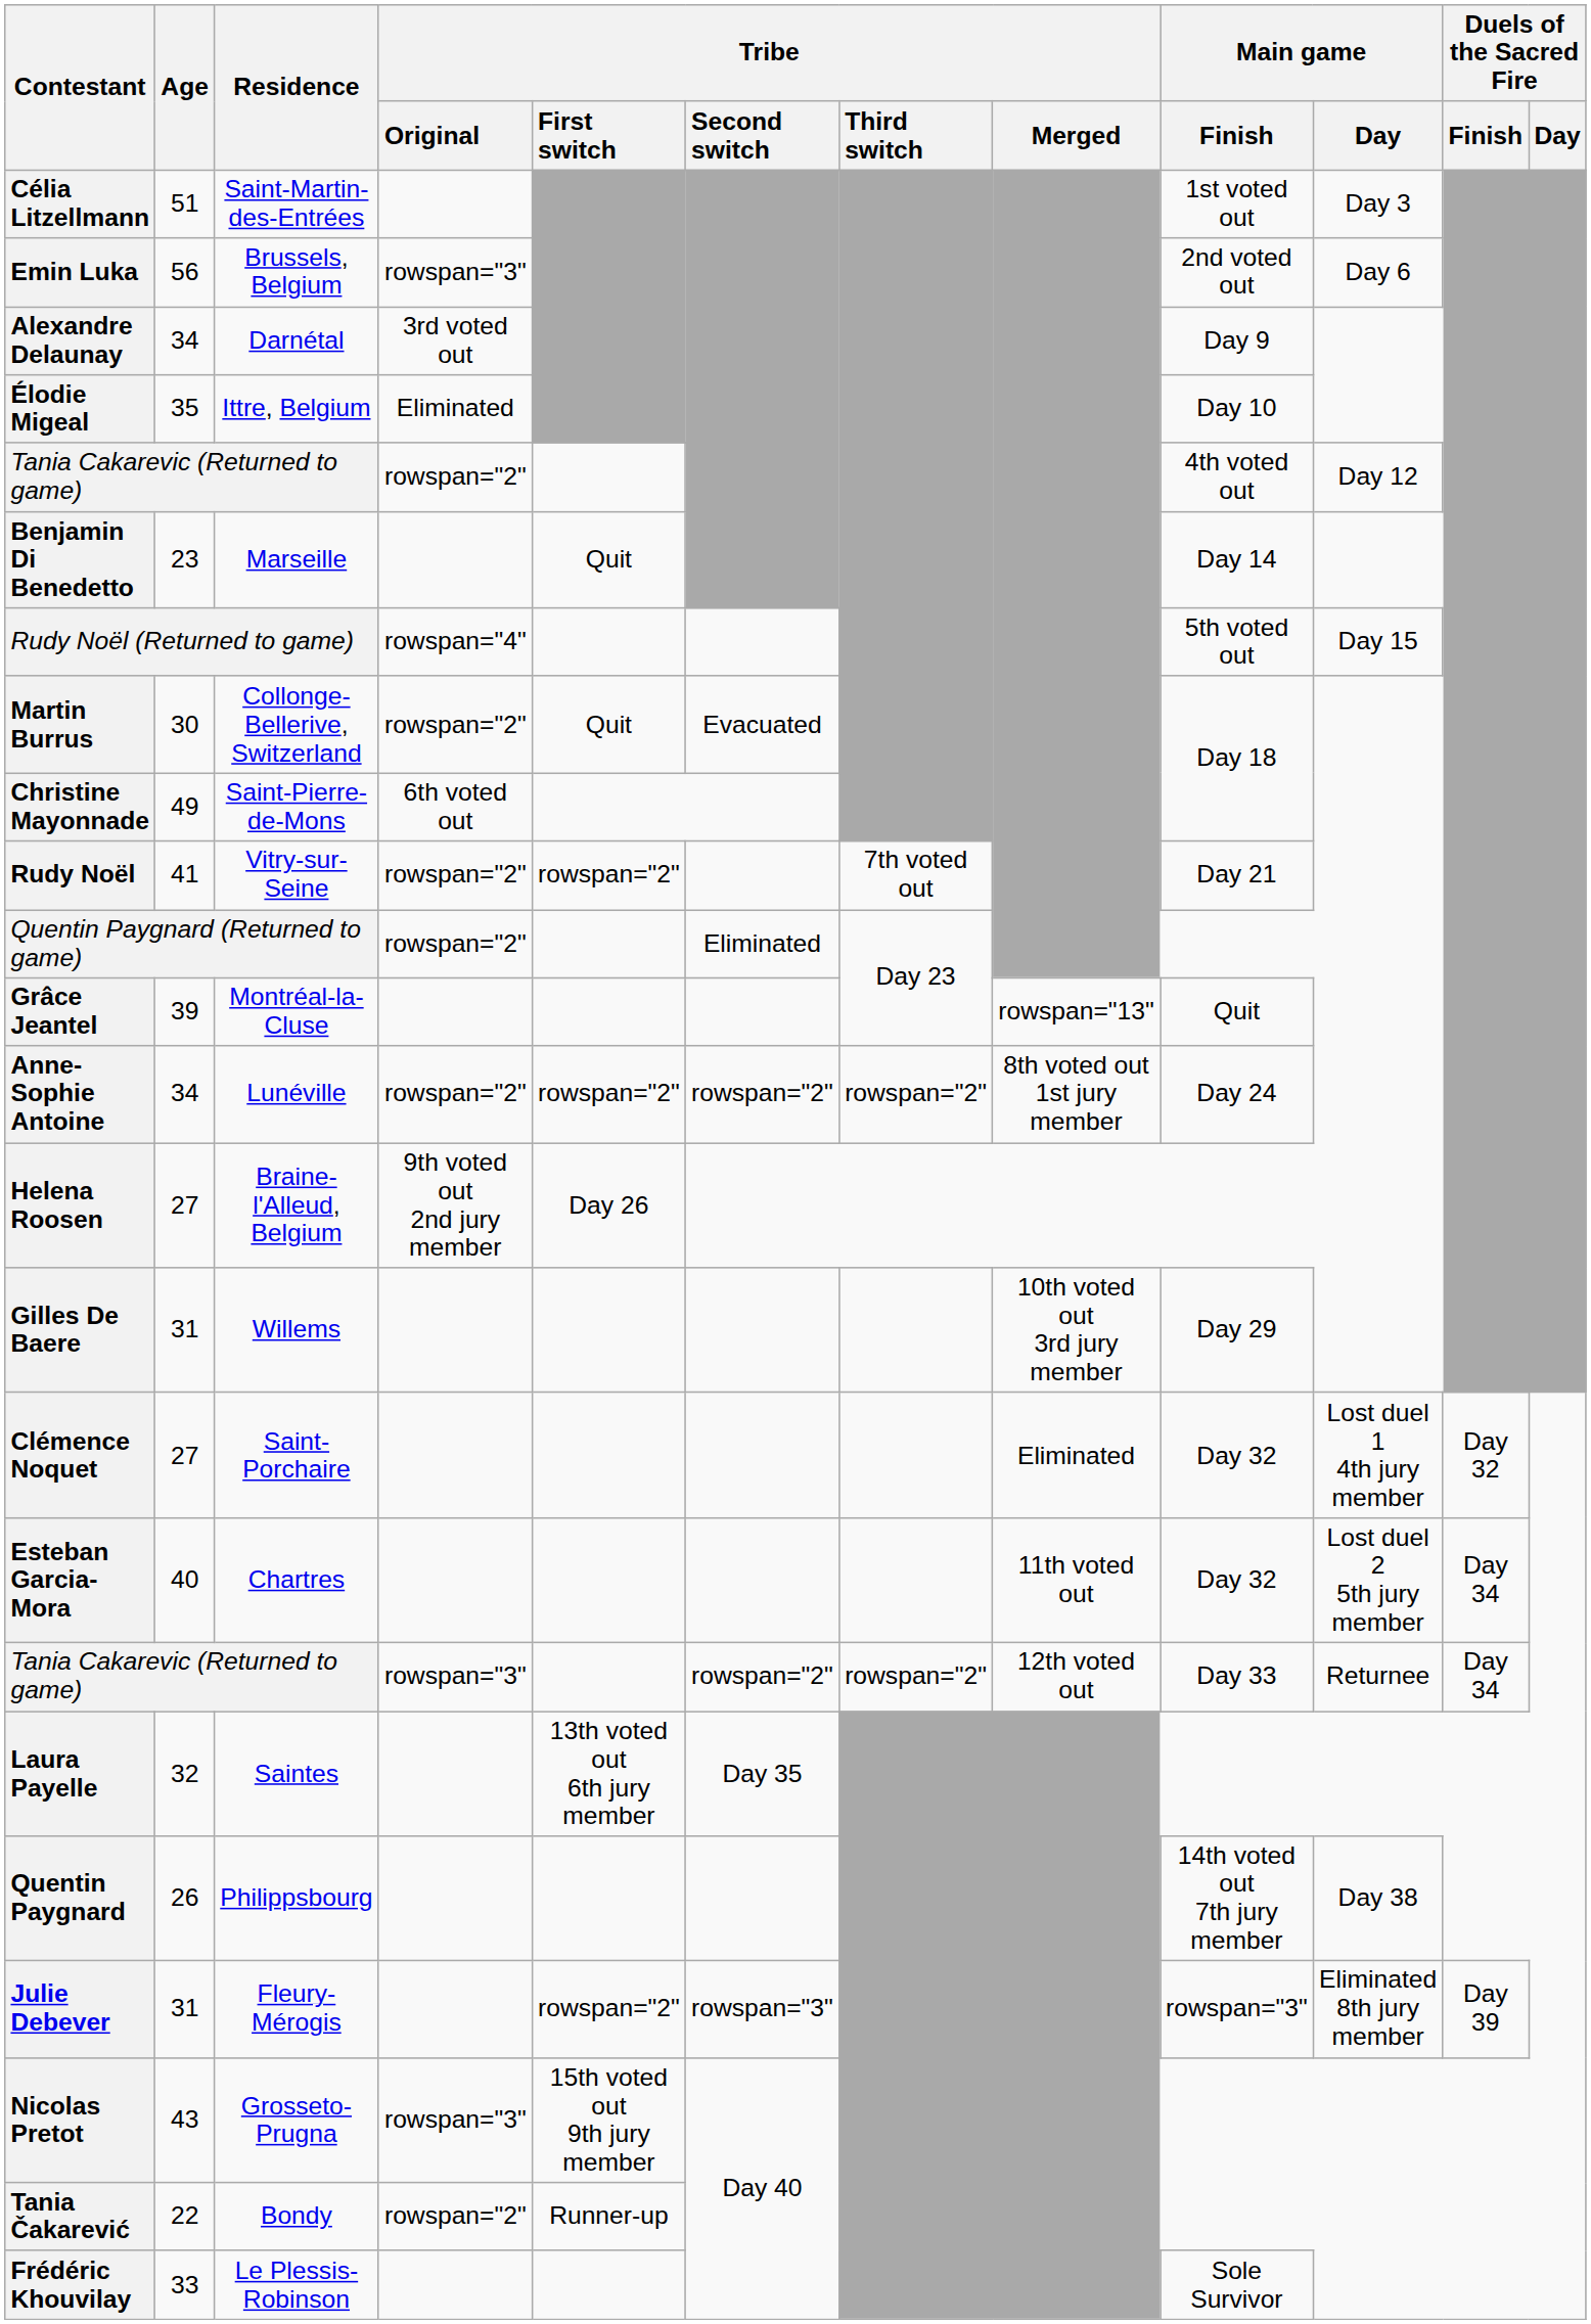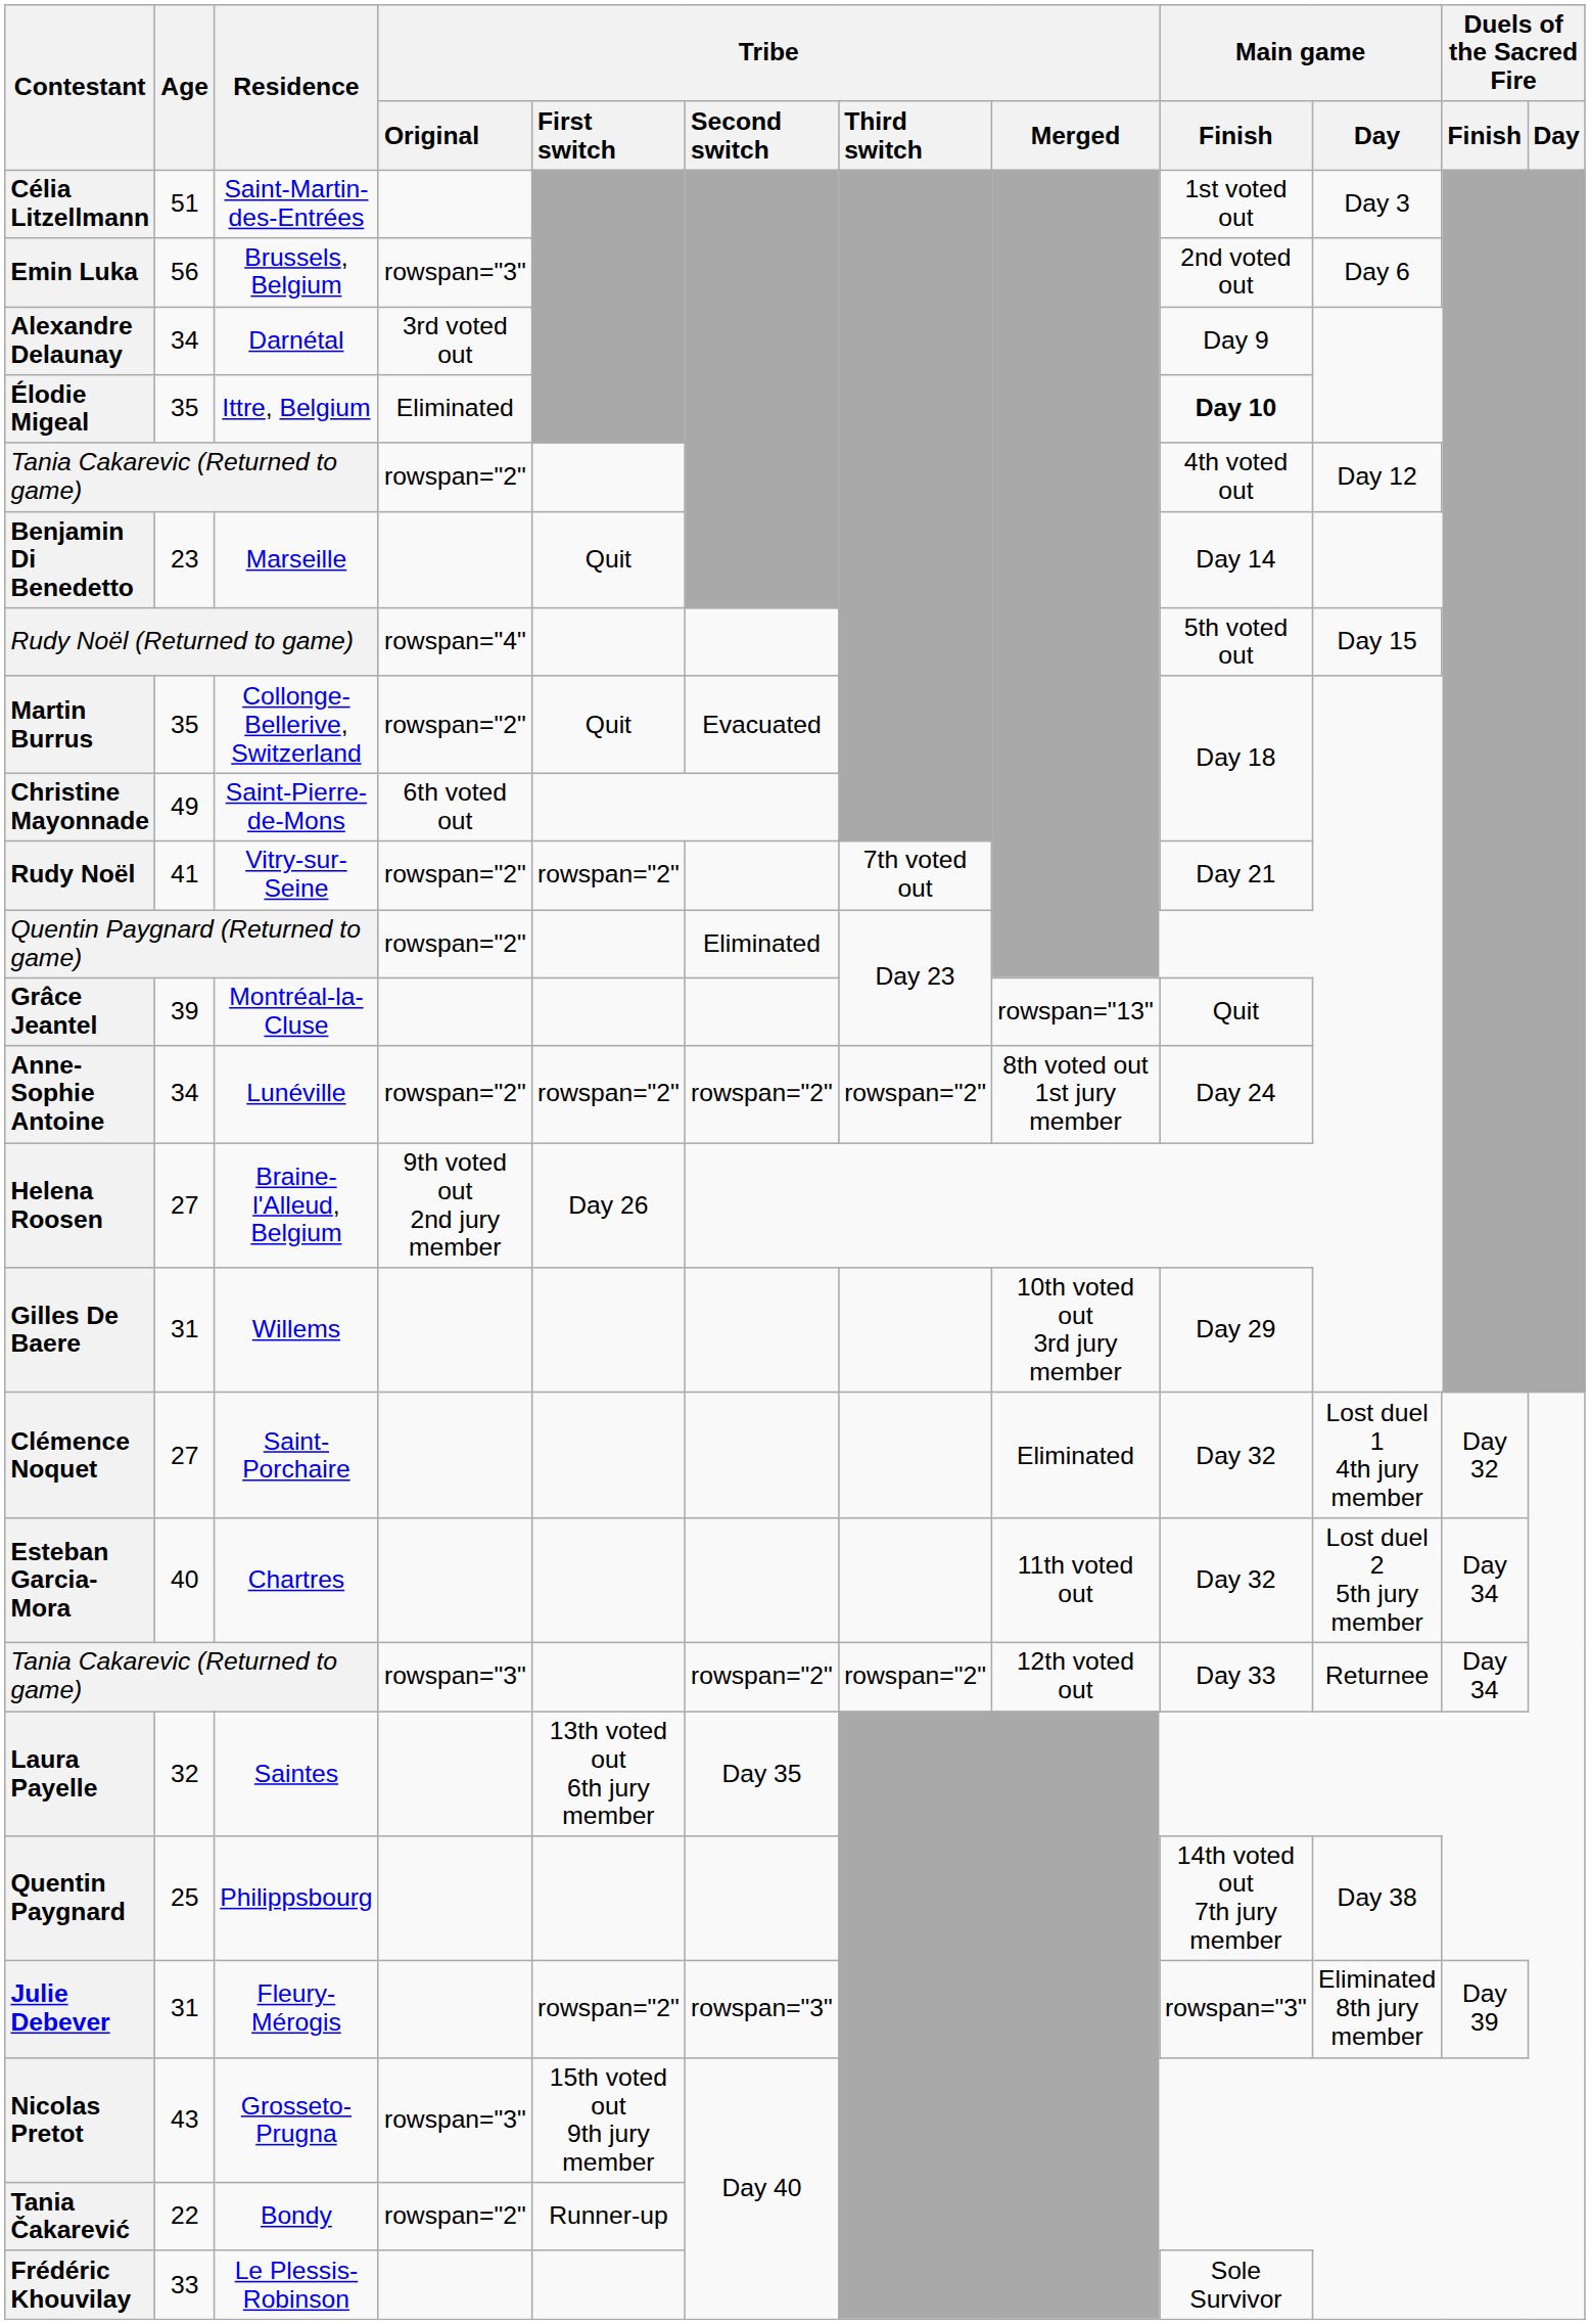 <table class="wikitable sortable" style="text-align:center;">
 <tr>
 <th rowspan="2" scope="col">Contestant</th>
 <th rowspan="2" scope="col">Age</th>
 <th rowspan="2" scope="col" class="unsortable">Residence</th>
 <th colspan="5" scope="colgroup">Tribe</th>
 <th colspan="2" scope="colgroup">Main game</th>
 <th colspan="2" scope="colgroup">Duels of<br>the Sacred Fire</th>
 </tr>
 <tr>
 <th scope="row" style="text-align:left;">Original</th>
 <th scope="row" style="text-align:left;">First<br>switch</th>
 <th scope="row" style="text-align:left;">Second<br>switch</th>
 <th scope="row" style="text-align:left;">Third<br>switch</th>
 <th class="unsortable">Merged</th>
 <th scope="col" class=unsortable>Finish</th>
 <th scope="col" class=unsortable>Day</th>
 <th scope="col" class=unsortable>Finish</th>
 <th scope="col" class=unsortable>Day</th>
 </tr>
 <tr>
 <th scope="row" style="text-align:left;">Célia Litzellmann</th>
 <td>51</td>
 <td><a href='#'>Saint-Martin-des-Entrées</a></td>
 <td></td>
 <td rowspan="4" style="background:darkgray; border:none;"></td>
 <td rowspan="6" style="background:darkgray; border:none;"></td>
 <td rowspan="9" style="background:darkgray; border:none;"></td>
 <td rowspan="11" style="background:darkgray; border:none;"></td>
 <td>1st voted out</td>
 <td>Day 3</td>
 <td rowspan="15" colspan="2" style="background:darkgray; border:none;"></td>
 </tr>
 <tr>
 <th scope="row" style="text-align:left;">Emin Luka</th>
 <td>56</td>
 <td><a href='#'>Brussels</a>, <a href='#'>Belgium</a></td>
 <td>rowspan="3" </td>
 <td>2nd voted out</td>
 <td>Day 6</td>
 </tr>
 <tr>
 <th scope="row" style="text-align:left;">Alexandre Delaunay</th>
 <td>34</td>
 <td><a href='#'>Darnétal</a></td>
 <td>3rd voted out</td>
 <td>Day 9</td>
 </tr>
 <tr>
 <th scope="row" style="text-align:left;">Élodie Migeal</th>
 <td>35</td>
 <td><a href='#'>Ittre</a>, <a href='#'>Belgium</a></td>
 <td>Eliminated</td>
-<td>Day 10</td>
+<td><strong>Day 10</strong></td>
 </tr>
 <tr>
 <th colspan="3" scope="row" style="font-weight:normal; text-align:left;"><em>Tania Cakarevic (Returned to game)</em></th>
 <td>rowspan="2" </td>
 <td></td>
 <td>4th voted out</td>
 <td>Day 12</td>
 </tr>
 <tr>
 <th scope="row" style="text-align:left;">Benjamin Di Benedetto</th>
 <td>23</td>
 <td><a href='#'>Marseille</a></td>
 <td></td>
 <td>Quit</td>
 <td>Day 14</td>
 </tr>
 <tr>
 <th colspan="3" scope="row" style="font-weight:normal; text-align:left;"><em>Rudy Noël (Returned to game)</em></th>
 <td>rowspan="4" </td>
 <td></td>
 <td></td>
 <td>5th voted out</td>
 <td>Day 15</td>
 </tr>
 <tr>
 <th scope="row" style="text-align:left;">Martin Burrus</th>
-<td>30</td>
+<td>35</td>
 <td><a href='#'>Collonge-Bellerive</a>, <a href='#'>Switzerland</a></td>
 <td>rowspan="2" </td>
 <td>Quit</td>
 <td>Evacuated</td>
 <td rowspan="2">Day 18</td>
 </tr>
 <tr>
 <th scope="row" style="text-align:left;">Christine Mayonnade</th>
 <td>49</td>
 <td><a href='#'>Saint-Pierre-de-Mons</a></td>
 <td>6th voted out</td>
 </tr>
 <tr>
 <th scope="row" style="text-align:left;">Rudy Noël</th>
 <td>41</td>
 <td><a href='#'>Vitry-sur-Seine</a></td>
 <td>rowspan="2" </td>
 <td>rowspan="2" </td>
 <td></td>
 <td>7th voted out</td>
 <td>Day 21</td>
 </tr>
 <tr>
 <th colspan="3" scope="row" style="font-weight:normal; text-align:left;"><em>Quentin Paygnard (Returned to game)</em></th>
 <td>rowspan="2" </td>
 <td></td>
 <td>Eliminated</td>
 <td rowspan="2">Day 23</td>
 </tr>
 <tr>
 <th scope="row" style="text-align:left;">Grâce Jeantel</th>
 <td>39</td>
 <td><a href='#'>Montréal-la-Cluse</a></td>
 <td></td>
 <td></td>
 <td></td>
 <td>rowspan="13" </td>
 <td>Quit</td>
 </tr>
 <tr>
 <th scope="row" style="text-align:left;">Anne-Sophie Antoine</th>
 <td>34</td>
 <td><a href='#'>Lunéville</a></td>
 <td>rowspan="2" </td>
 <td>rowspan="2" </td>
 <td>rowspan="2" </td>
 <td>rowspan="2" </td>
 <td>8th voted out<br>1st jury member</td>
 <td>Day 24</td>
 </tr>
 <tr>
 <th scope="row" style="text-align:left;">Helena Roosen</th>
 <td>27</td>
 <td><a href='#'>Braine-l'Alleud</a>, <a href='#'>Belgium</a></td>
 <td>9th voted out<br>2nd jury member</td>
 <td>Day 26</td>
 </tr>
 <tr>
 <th scope="row" style="text-align:left;">Gilles De Baere</th>
 <td>31</td>
 <td><a href='#'>Willems</a></td>
 <td></td>
 <td></td>
 <td></td>
 <td></td>
 <td>10th voted out <br>3rd jury member</td>
 <td>Day 29</td>
 </tr>
 <tr>
 <th scope="row" style="text-align:left;">Clémence Noquet</th>
 <td>27</td>
 <td><a href='#'>Saint-Porchaire</a></td>
 <td></td>
 <td></td>
 <td></td>
 <td></td>
 <td>Eliminated</td>
 <td>Day 32</td>
 <td>Lost duel 1<br>4th jury member</td>
 <td>Day 32</td>
 </tr>
 <tr>
 <th scope="row" style="text-align:left;">Esteban Garcia-Mora</th>
 <td>40</td>
 <td><a href='#'>Chartres</a></td>
 <td></td>
 <td></td>
 <td></td>
 <td></td>
 <td>11th voted out</td>
 <td>Day 32</td>
 <td>Lost duel 2<br>5th jury member</td>
 <td>Day 34</td>
 </tr>
 <tr>
 <th colspan="3" scope="row" style="font-weight:normal; text-align:left;"><em>Tania Cakarevic (Returned to game)</em></th>
 <td>rowspan="3" </td>
 <td></td>
 <td>rowspan="2" </td>
 <td>rowspan="2" </td>
 <td>12th voted out</td>
 <td>Day 33</td>
 <td>Returnee</td>
 <td>Day 34</td>
 </tr>
 <tr>
 <th scope="row" style="text-align:left;">Laura Payelle</th>
 <td>32</td>
 <td><a href='#'>Saintes</a></td>
 <td></td>
 <td>13th voted out<br>6th jury member</td>
 <td>Day 35</td>
 <td rowspan="6" colspan="2" style="background:darkgray; border:none;"></td>
 </tr>
 <tr>
 <th scope="row" style="text-align:left;">Quentin Paygnard</th>
-<td>26</td>
+<td>25</td>
 <td><a href='#'>Philippsbourg</a></td>
 <td></td>
 <td></td>
 <td></td>
 <td>14th voted out<br>7th jury member</td>
 <td>Day 38</td>
 </tr>
 <tr>
 <th scope="row" style="text-align:left;"><a href='#'>Julie Debever</a></th>
 <td>31</td>
 <td><a href='#'>Fleury-Mérogis</a></td>
 <td></td>
 <td>rowspan="2" </td>
 <td>rowspan="3" </td>
 <td>rowspan="3" </td>
 <td>Eliminated<br>8th jury member</td>
 <td>Day 39</td>
 </tr>
 <tr>
 <th scope="row" style="text-align:left;">Nicolas Pretot</th>
 <td>43</td>
 <td><a href='#'>Grosseto-Prugna</a></td>
 <td>rowspan="3" </td>
 <td>15th voted out<br>9th jury member</td>
 <td rowspan="3">Day 40</td>
 </tr>
 <tr>
 <th scope="row" style="text-align:left;">Tania Čakarević</th>
 <td>22</td>
 <td><a href='#'>Bondy</a></td>
 <td>rowspan="2" </td>
 <td>Runner-up</td>
 </tr>
 <tr>
 <th scope="row" style="text-align:left;">Frédéric Khouvilay</th>
 <td>33</td>
 <td><a href='#'>Le Plessis-Robinson</a></td>
 <td></td>
 <td></td>
 <td>Sole Survivor</td>
 </tr>
 </table>
